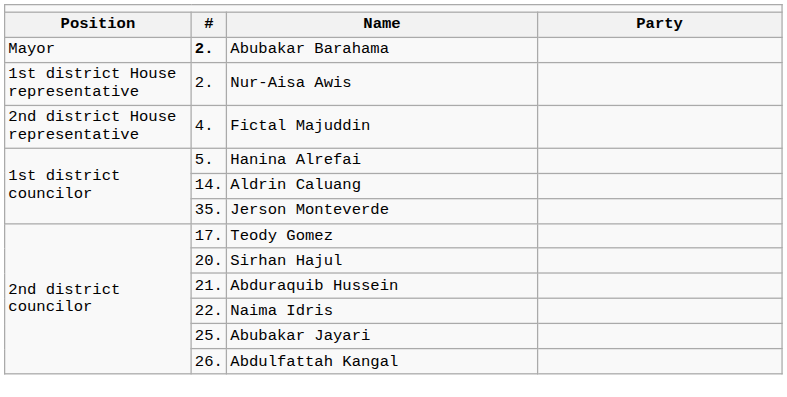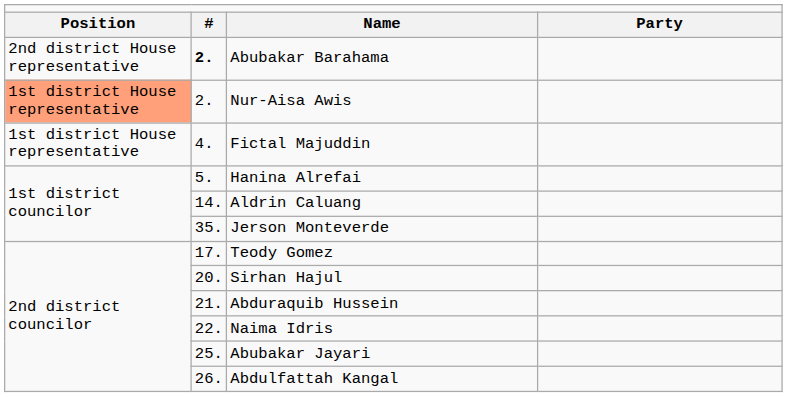 <table class=wikitable style="font-size:95%" width=99%>
 <tr>
 <td colspan="5"></td>
 </tr>
 <tr>
 <th width=24%>Position</th>
 <th width=1%>#</th>
 <th width=40%>Name</th>
 <th colspan=2>Party</th>
 </tr>
 <tr>
-<td>Mayor</td>
+<td>2nd district House representative</td>
 <td><strong>2.</strong></td>
 <td>Abubakar Barahama</td>
 <td></td>
 </tr>
 <tr>
-<td>1st district House representative</td>
+<td style="background: lightsalmon;">1st district House representative</td>
 <td>2.</td>
 <td>Nur-Aisa Awis</td>
 <td></td>
 </tr>
 <tr>
-<td>2nd district House representative</td>
+<td>1st district House representative</td>
 <td>4.</td>
 <td>Fictal Majuddin</td>
 <td></td>
 </tr>
 <tr>
 <td rowspan="3">1st district councilor</td>
 <td>5.</td>
 <td>Hanina Alrefai</td>
 <td></td>
 </tr>
 <tr>
 <td>14.</td>
 <td>Aldrin Caluang</td>
 <td></td>
 </tr>
 <tr>
 <td>35.</td>
 <td>Jerson Monteverde</td>
 <td></td>
 </tr>
 <tr>
 <td rowspan="6">2nd district councilor</td>
 <td>17.</td>
 <td>Teody Gomez</td>
 <td></td>
 </tr>
 <tr>
 <td>20.</td>
 <td>Sirhan Hajul</td>
 <td></td>
 </tr>
 <tr>
 <td>21.</td>
 <td>Abduraquib Hussein</td>
 <td></td>
 </tr>
 <tr>
 <td>22.</td>
 <td>Naima Idris</td>
 <td></td>
 </tr>
 <tr>
 <td>25.</td>
 <td>Abubakar Jayari</td>
 <td></td>
 </tr>
 <tr>
 <td>26.</td>
 <td>Abdulfattah Kangal</td>
 <td></td>
 </tr>
 </table>
